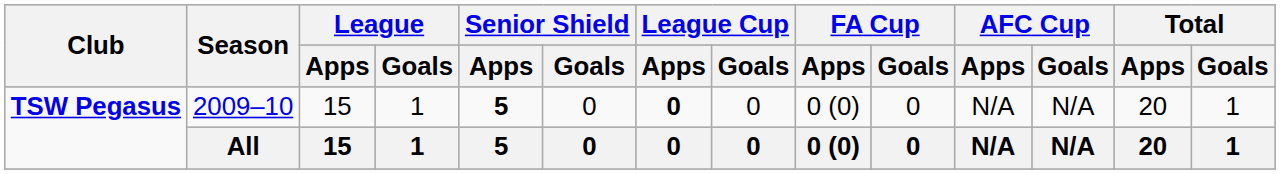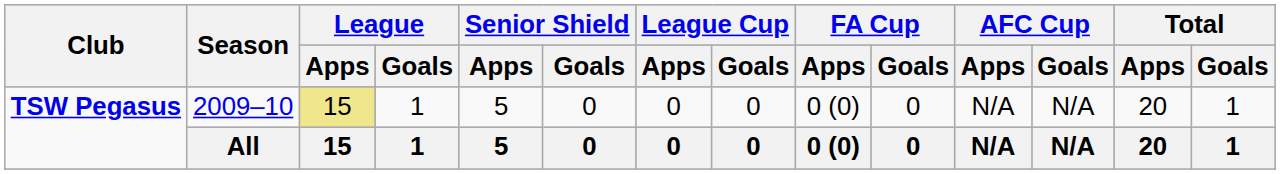 <table class="wikitable" style="text-align: center;">
 <tr>
 <th rowspan="2">Club</th>
 <th rowspan="2">Season</th>
 <th colspan="2"><a href='#'>League</a></th>
 <th colspan="2"><a href='#'>Senior Shield</a></th>
 <th colspan="2"><a href='#'>League Cup</a></th>
 <th colspan="2"><a href='#'>FA Cup</a></th>
 <th colspan="2"><a href='#'>AFC Cup</a></th>
 <th colspan="2">Total</th>
 </tr>
 <tr>
 <th>Apps</th>
 <th>Goals</th>
 <th>Apps</th>
 <th>Goals</th>
 <th>Apps</th>
 <th>Goals</th>
 <th>Apps</th>
 <th>Goals</th>
 <th>Apps</th>
 <th>Goals</th>
 <th>Apps</th>
 <th>Goals</th>
 </tr>
 <tr>
 <td rowspan="6" valign="top"><strong><a href='#'>TSW Pegasus</a></strong></td>
 <td><a href='#'>2009–10</a></td>
-<td>15</td>
+<td style="background: khaki;">15</td>
 <td>1</td>
-<td><strong>5</strong></td>
+<td>5</td>
 <td>0</td>
-<td><strong>0</strong></td>
+<td>0</td>
 <td>0</td>
 <td>0 (0)</td>
 <td>0</td>
 <td>N/A</td>
 <td>N/A</td>
 <td>20</td>
 <td>1</td>
 </tr>
 <tr>
 <th>All</th>
 <th>15</th>
 <th>1</th>
 <th>5</th>
 <th>0</th>
 <th>0</th>
 <th>0</th>
 <th>0 (0)</th>
 <th>0</th>
 <th>N/A</th>
 <th>N/A</th>
 <th>20</th>
 <th>1</th>
 </tr>
 </table>
